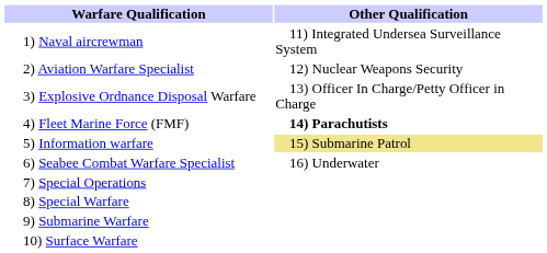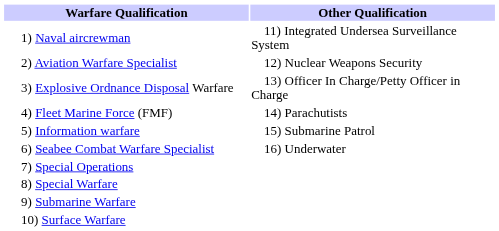 <table class="toccolours" style="margin:auto;">
 <tr style="background:#ccf;">
 <th style="width:300px;"><strong>Warfare Qualification</strong></th>
 <th style="width:300px;"><strong>Other Qualification</strong></th>
 </tr>
 <tr>
 <td>     1) <a href='#'>Naval aircrewman</a></td>
 <td>    11) Integrated Undersea Surveillance System</td>
 </tr>
 <tr>
 <td>     2) <a href='#'>Aviation Warfare Specialist</a></td>
 <td>    12) Nuclear Weapons Security</td>
 </tr>
 <tr>
 <td>     3) <a href='#'>Explosive Ordnance Disposal</a> Warfare</td>
 <td>    13) Officer In Charge/Petty Officer in Charge</td>
 </tr>
 <tr>
 <td>     4) <a href='#'>Fleet Marine Force</a> (FMF)</td>
-<td><strong>    14) Parachutists</strong></td>
+<td>    14) Parachutists</td>
 </tr>
 <tr>
 <td>     5) <a href='#'>Information warfare</a></td>
-<td style="background: khaki;">    15) Submarine Patrol</td>
+<td>    15) Submarine Patrol</td>
 </tr>
 <tr>
 <td>     6) <a href='#'>Seabee Combat Warfare Specialist</a></td>
 <td>    16) Underwater</td>
 </tr>
 <tr>
 <td>     7) <a href='#'>Special Operations</a></td>
 </tr>
 <tr>
 <td>     8) <a href='#'>Special Warfare</a></td>
 </tr>
 <tr>
 <td>     9) <a href='#'>Submarine Warfare</a></td>
 </tr>
 <tr>
 <td>     10) <a href='#'>Surface Warfare</a></td>
 <td></td>
 </tr>
 </table>
